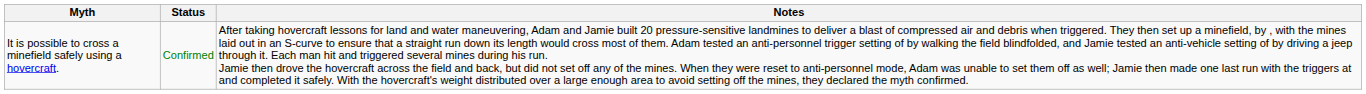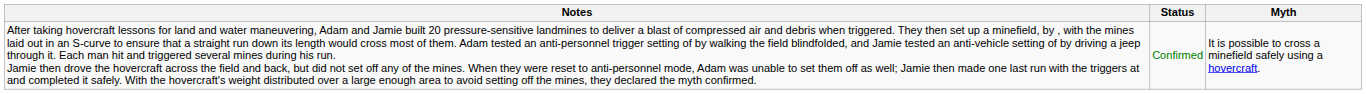 <table class="wikitable plainrowheaders">
 <tr>
+<th scope"col">Notes</th>
+<th scope"col">Status</th>
 <th scope"col">Myth</th>
-<th scope"col">Status</th>
-<th scope"col">Notes</th>
 </tr>
 <tr>
+<td>After taking hovercraft lessons for land and water maneuvering, Adam and Jamie built 20 pressure-sensitive landmines to deliver a blast of compressed air and debris when triggered. They then set up a minefield,  by , with the mines laid out in an S-curve to ensure that a straight run down its length would cross most of them. Adam tested an anti-personnel trigger setting of  by walking the field blindfolded, and Jamie tested an anti-vehicle setting of  by driving a jeep through it. Each man hit and triggered several mines during his run.<br>Jamie then drove the hovercraft across the field and back, but did not set off any of the mines. When they were reset to anti-personnel mode, Adam was unable to set them off as well; Jamie then made one last run with the triggers at  and completed it safely. With the hovercraft's weight distributed over a large enough area to avoid setting off the mines, they declared the myth confirmed.</td>
+<td style="color:green">Confirmed</td>
 <td scope"row">It is possible to cross a minefield safely using a <a href='#'>hovercraft</a>.</td>
-<td style="color:green">Confirmed</td>
-<td>After taking hovercraft lessons for land and water maneuvering, Adam and Jamie built 20 pressure-sensitive landmines to deliver a blast of compressed air and debris when triggered. They then set up a minefield,  by , with the mines laid out in an S-curve to ensure that a straight run down its length would cross most of them. Adam tested an anti-personnel trigger setting of  by walking the field blindfolded, and Jamie tested an anti-vehicle setting of  by driving a jeep through it. Each man hit and triggered several mines during his run.<br>Jamie then drove the hovercraft across the field and back, but did not set off any of the mines. When they were reset to anti-personnel mode, Adam was unable to set them off as well; Jamie then made one last run with the triggers at  and completed it safely. With the hovercraft's weight distributed over a large enough area to avoid setting off the mines, they declared the myth confirmed.</td>
 </tr>
 </table>
